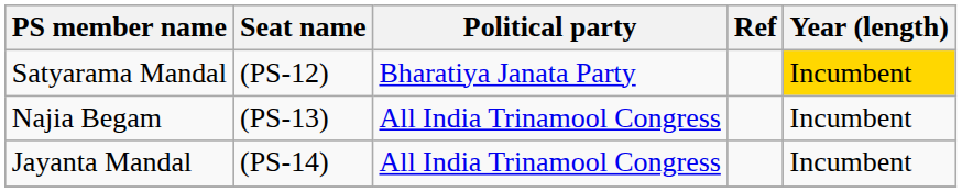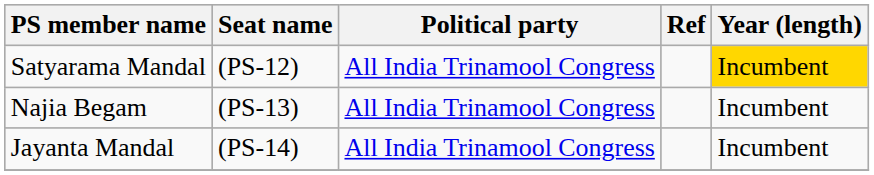 <table class="wikitable">
 <tr>
 <th>PS member name</th>
 <th>Seat name</th>
 <th>Political party</th>
 <th scope=col class=unsortable>Ref</th>
 <th>Year (length)</th>
 </tr>
 <tr>
 <td>Satyarama Mandal</td>
 <td>(PS-12)</td>
-<td><a href='#'>Bharatiya Janata Party</a></td>
+<td><a href='#'>All India Trinamool Congress</a></td>
 <td width="4px"></td>
 <td style="background: gold;">Incumbent</td>
 </tr>
 <tr>
 <td>Najia Begam</td>
 <td>(PS-13)</td>
 <td><a href='#'>All India Trinamool Congress</a></td>
 <td width="4px"></td>
 <td>Incumbent</td>
 </tr>
 <tr>
 <td>Jayanta Mandal</td>
 <td>(PS-14)</td>
 <td><a href='#'>All India Trinamool Congress</a></td>
 <td width="4px"></td>
 <td>Incumbent</td>
 </tr>
 <tr>
 </tr>
 </table>
